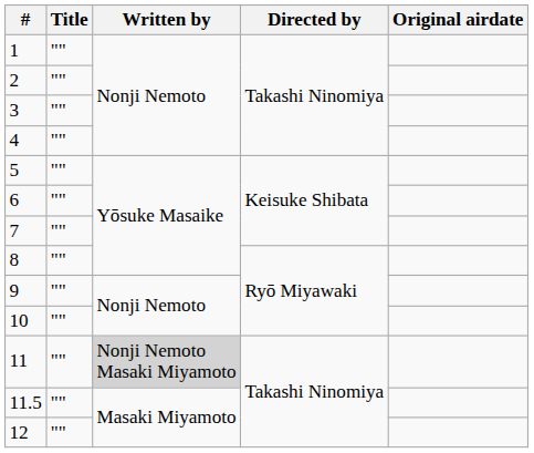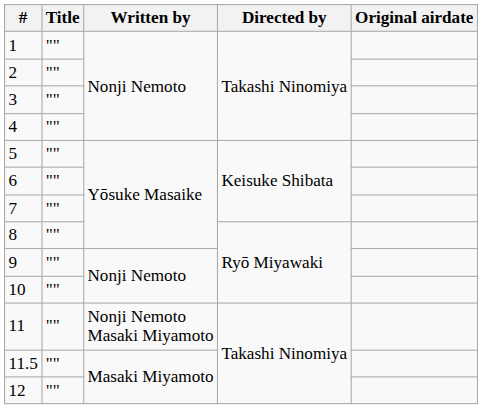 <table class="wikitable">
 <tr>
 <th>#</th>
 <th>Title</th>
 <th>Written by</th>
 <th>Directed by</th>
 <th>Original airdate</th>
 </tr>
 <tr>
 <td>1</td>
 <td>""</td>
 <td rowspan="4">Nonji Nemoto</td>
 <td rowspan="4">Takashi Ninomiya</td>
 <td></td>
 </tr>
 <tr>
 <td>2</td>
 <td>""</td>
 <td></td>
 </tr>
 <tr>
 <td>3</td>
 <td>""</td>
 <td></td>
 </tr>
 <tr>
 <td>4</td>
 <td>""</td>
 <td></td>
 </tr>
 <tr>
 <td>5</td>
 <td>""</td>
 <td rowspan="4">Yōsuke Masaike</td>
 <td rowspan="3">Keisuke Shibata</td>
 <td></td>
 </tr>
 <tr>
 <td>6</td>
 <td>""</td>
 <td></td>
 </tr>
 <tr>
 <td>7</td>
 <td>""</td>
 <td></td>
 </tr>
 <tr>
 <td>8</td>
 <td>""</td>
 <td rowspan="3">Ryō Miyawaki</td>
 <td></td>
 </tr>
 <tr>
 <td>9</td>
 <td>""</td>
 <td rowspan="2">Nonji Nemoto</td>
 <td></td>
 </tr>
 <tr>
 <td>10</td>
 <td>""</td>
 <td></td>
 </tr>
 <tr>
 <td>11</td>
 <td>""</td>
-<td style="background: lightgrey;">Nonji Nemoto<br>Masaki Miyamoto</td>
+<td>Nonji Nemoto<br>Masaki Miyamoto</td>
 <td rowspan="3">Takashi Ninomiya</td>
 <td></td>
 </tr>
 <tr>
 <td>11.5</td>
 <td>""</td>
 <td rowspan="2">Masaki Miyamoto</td>
 <td></td>
 </tr>
 <tr>
 <td>12</td>
 <td>""</td>
 <td></td>
 </tr>
 </table>
